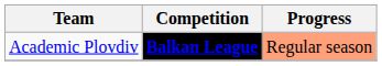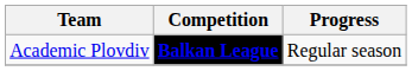 <table class="wikitable sortable">
 <tr>
 <th>Team</th>
 <th>Competition</th>
 <th>Progress</th>
 </tr>
 <tr>
 <td><a href='#'>Academic Plovdiv</a></td>
 <td align="center" style="background:black;"><a href='#'><span><strong>Balkan League</strong></span></a></td>
-<td style="background: lightsalmon;">Regular season</td>
+<td>Regular season</td>
 </tr>
 <tr>
 </tr>
 </table>
